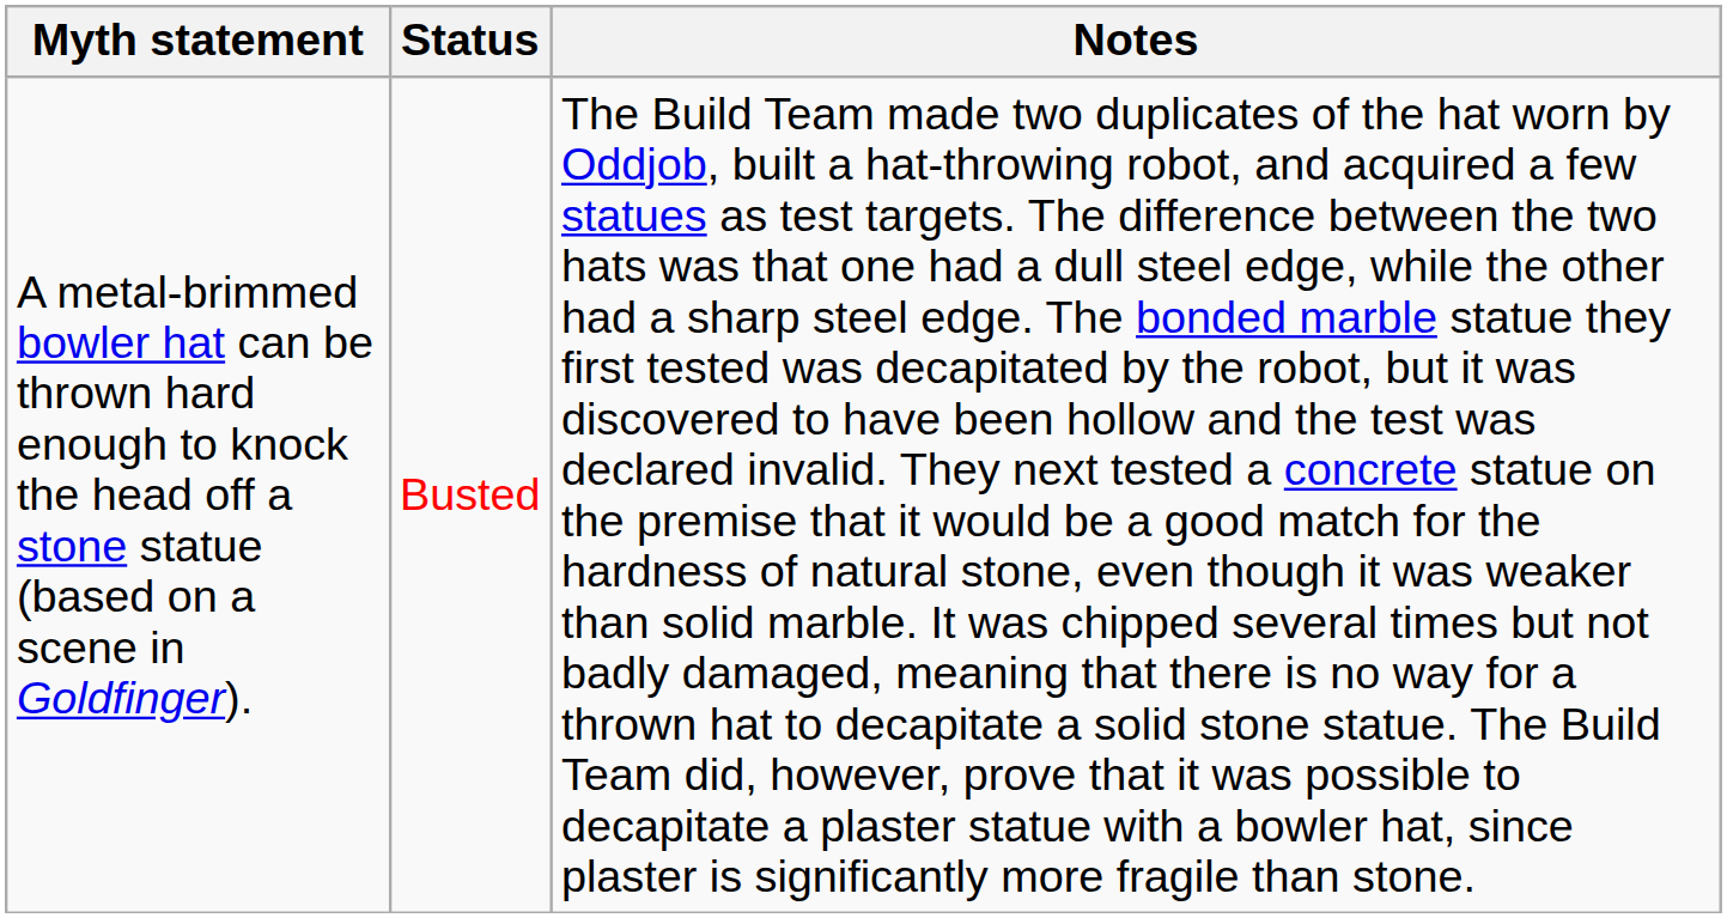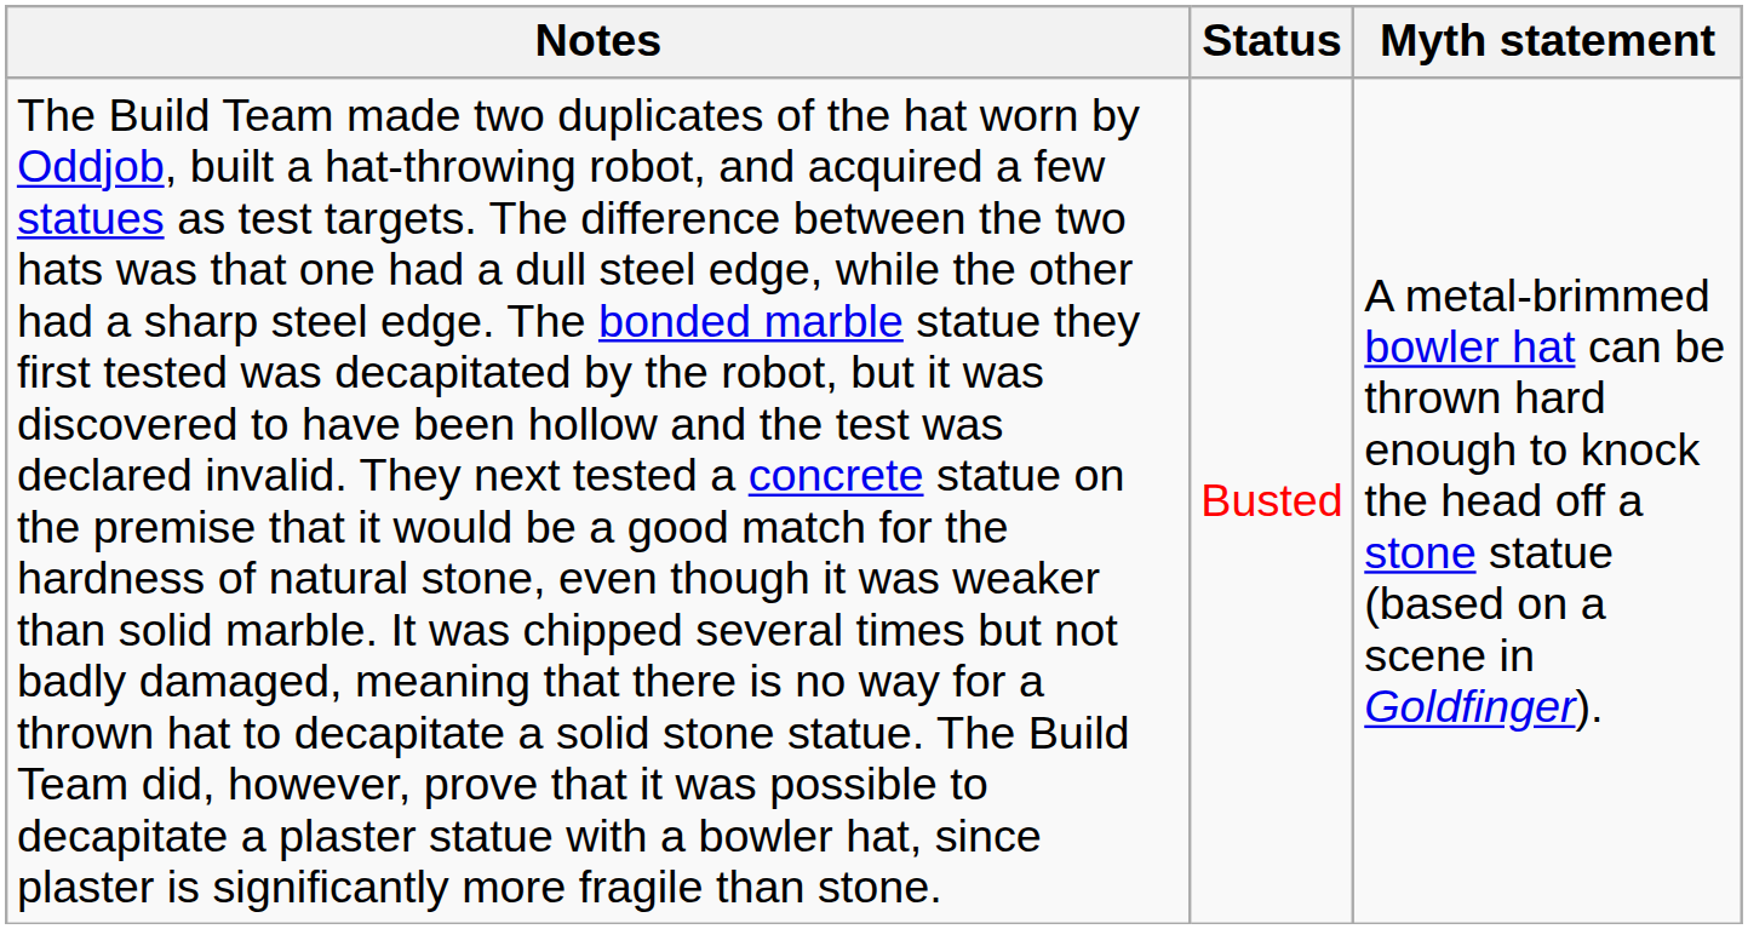 <table class="wikitable plainrowheaders">
 <tr>
+<th>Notes</th>
+<th>Status</th>
 <th>Myth statement</th>
-<th>Status</th>
-<th>Notes</th>
 </tr>
 <tr>
+<td>The Build Team made two duplicates of the hat worn by <a href='#'>Oddjob</a>, built a hat-throwing robot, and acquired a few <a href='#'>statues</a> as test targets. The difference between the two hats was that one had a dull steel edge, while the other had a sharp steel edge. The <a href='#'>bonded marble</a> statue they first tested was decapitated by the robot, but it was discovered to have been hollow and the test was declared invalid. They next tested a <a href='#'>concrete</a> statue on the premise that it would be a good match for the hardness of natural stone, even though it was weaker than solid marble. It was chipped several times but not badly damaged, meaning that there is no way for a thrown hat to decapitate a solid stone statue. The Build Team did, however, prove that it was possible to decapitate a plaster statue with a bowler hat, since plaster is significantly more fragile than stone.</td>
+<td style="color:red">Busted</td>
 <td>A metal-brimmed <a href='#'>bowler hat</a> can be thrown hard enough to knock the head off a <a href='#'>stone</a> statue (based on a scene in <em><a href='#'>Goldfinger</a></em>).</td>
-<td style="color:red">Busted</td>
-<td>The Build Team made two duplicates of the hat worn by <a href='#'>Oddjob</a>, built a hat-throwing robot, and acquired a few <a href='#'>statues</a> as test targets. The difference between the two hats was that one had a dull steel edge, while the other had a sharp steel edge. The <a href='#'>bonded marble</a> statue they first tested was decapitated by the robot, but it was discovered to have been hollow and the test was declared invalid. They next tested a <a href='#'>concrete</a> statue on the premise that it would be a good match for the hardness of natural stone, even though it was weaker than solid marble. It was chipped several times but not badly damaged, meaning that there is no way for a thrown hat to decapitate a solid stone statue. The Build Team did, however, prove that it was possible to decapitate a plaster statue with a bowler hat, since plaster is significantly more fragile than stone.</td>
 </tr>
 </table>
